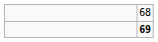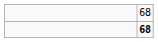 <table class="wikitable" style="font-size:90%">
 <tr>
 <td width=150></td>
 <td align=center>68</td>
 </tr>
 <tr>
 <td><strong></strong></td>
-<td align=center><strong>69</strong></td>
+<td align=center><strong>68</strong></td>
 </tr>
 </table>
